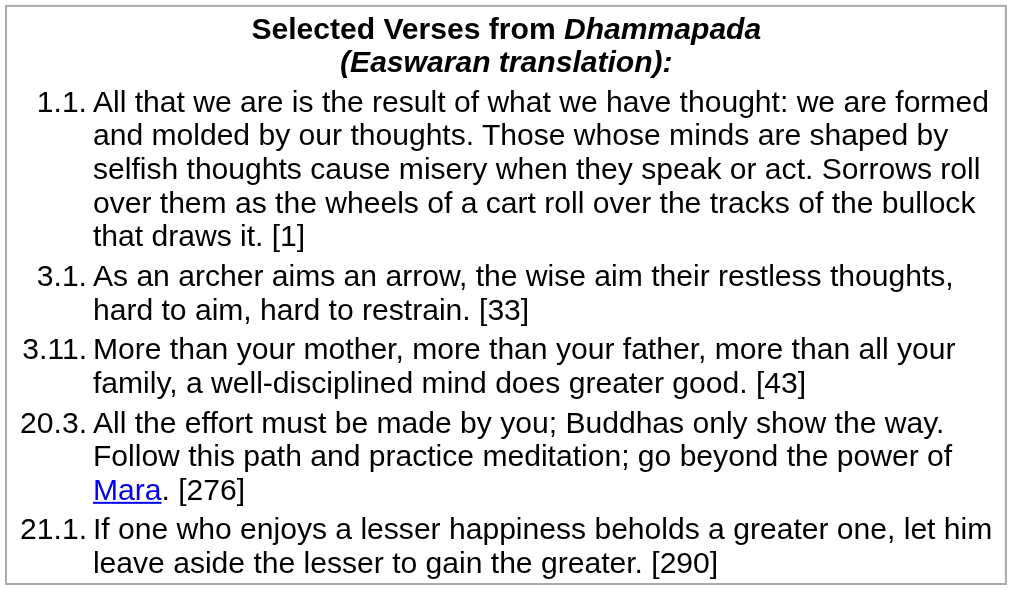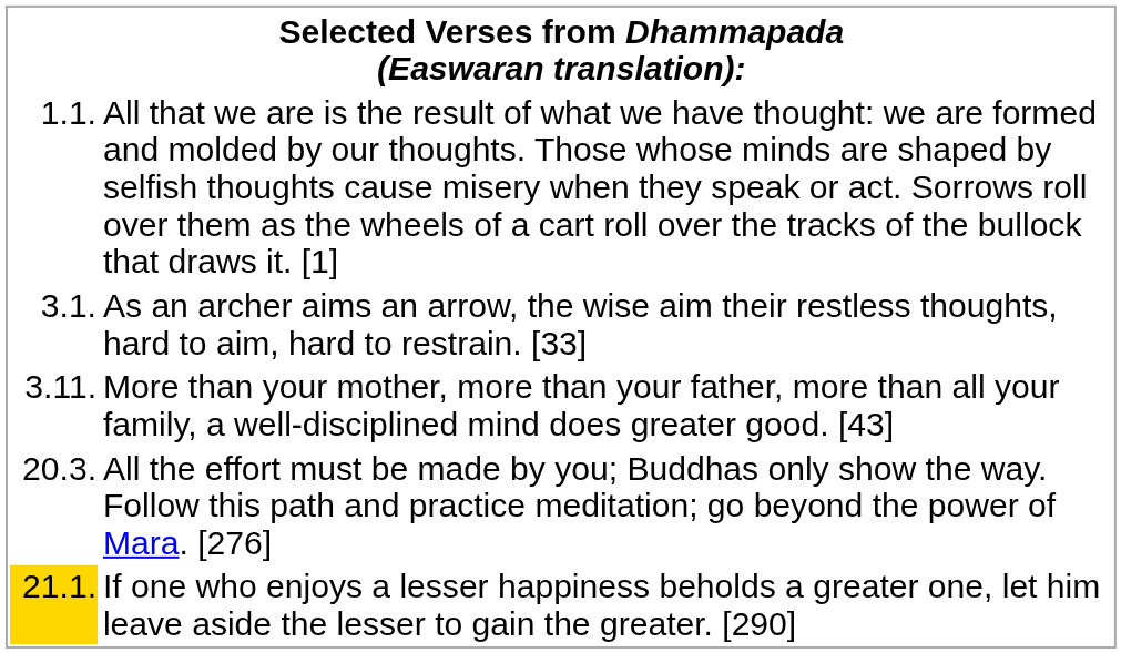 <table style="float: right; width: 40%; border: 1px solid darkgray; margin: .46em; font-size: 95%;" border="0" cellpadding="1" cellspacing="1">
 <tr>
 <td colspan="2" align="center"><strong>Selected Verses from <em>Dhammapada<strong><em><br></strong>(Easwaran translation):<strong></td>
 </tr>
 <tr valign="top">
 <td align="right">1.1.</td>
 <td>All that we are is the result of what we have thought: we are formed and molded by our thoughts. Those whose minds are shaped by selfish thoughts cause misery when they speak or act. Sorrows roll over them as the wheels of a cart roll over the tracks of the bullock that draws it. [1]</td>
 </tr>
 <tr valign="top">
 <td align="right">3.1.</td>
 <td>As an archer aims an arrow, the wise aim their restless thoughts, hard to aim, hard to restrain. [33]</td>
 </tr>
 <tr valign="top">
 <td align="right">3.11.</td>
 <td>More than your mother, more than your father, more than all your family, a well-disciplined mind does greater good. [43]</td>
 </tr>
 <tr valign="top">
 <td align="right"> 20.3.</td>
 <td>All the effort must be made by you; Buddhas only show the way. Follow this path and practice meditation; go beyond the power of <a href='#'>Mara</a>. [276]</td>
 </tr>
 <tr valign="top">
-<td align="right"> 21.1.</td>
+<td align="right" style="background: gold;"> 21.1.</td>
 <td>If one who enjoys a lesser happiness beholds a greater one, let him leave aside the lesser to gain the greater. [290]</td>
 </tr>
 </table>
